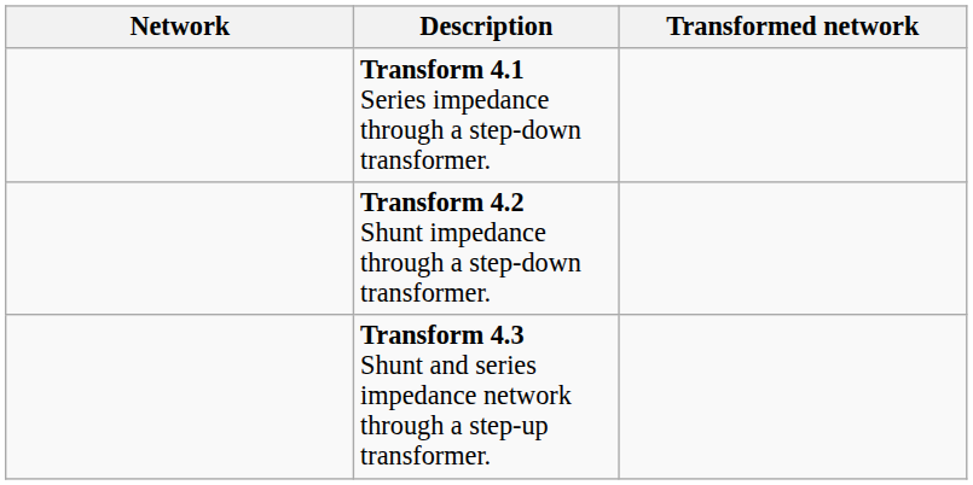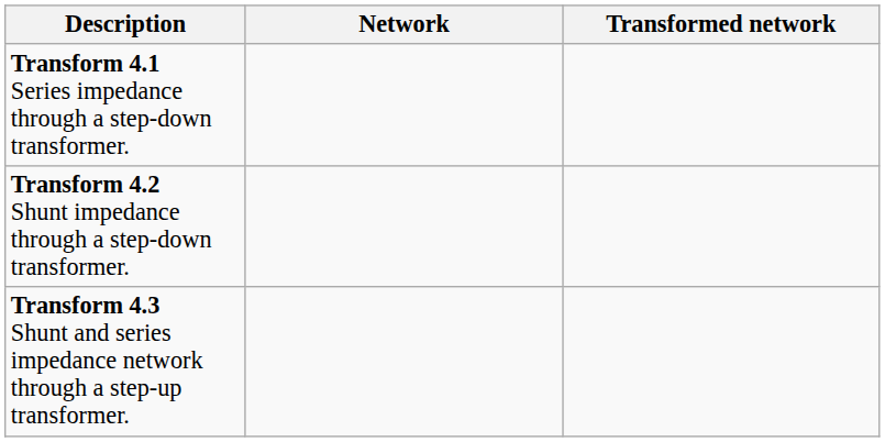 <table class="wikitable" style="text-align:left;" align="left">
 <tr style="text-align:center;">
+<th>Description</th>
 <th>Network</th>
-<th>Description</th>
 <th>Transformed network</th>
 </tr>
 <tr valign="top">
+<td width="150px"><strong>Transform 4.1</strong><br>Series impedance through a step-down transformer.</td>
 <td width="200px"></td>
-<td width="150px"><strong>Transform 4.1</strong><br>Series impedance through a step-down transformer.</td>
 <td width="200px"></td>
 </tr>
 <tr valign="top">
+<td><strong>Transform 4.2</strong><br>Shunt impedance through a step-down transformer.</td>
 <td></td>
-<td><strong>Transform 4.2</strong><br>Shunt impedance through a step-down transformer.</td>
 <td></td>
 </tr>
 <tr valign="top">
+<td><strong>Transform 4.3</strong><br>Shunt and series impedance network through a step-up transformer.</td>
 <td></td>
-<td><strong>Transform 4.3</strong><br>Shunt and series impedance network through a step-up transformer.</td>
 <td></td>
 </tr>
 </table>
